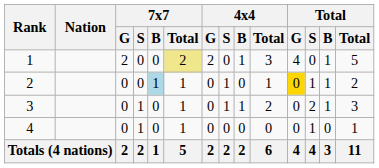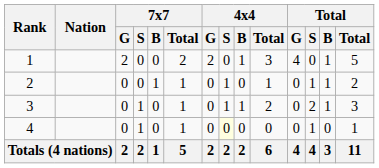 <table class="wikitable sortable" style="text-align:center">
 <tr>
 <th rowspan="2">Rank</th>
 <th rowspan="2">Nation</th>
 <th colspan="4">7x7</th>
 <th colspan="4">4x4</th>
 <th colspan="4">Total</th>
 </tr>
 <tr>
 <th>G</th>
 <th>S</th>
 <th>B</th>
 <th>Total</th>
 <th>G</th>
 <th>S</th>
 <th>B</th>
 <th>Total</th>
 <th>G</th>
 <th>S</th>
 <th>B</th>
 <th>Total</th>
 </tr>
 <tr>
 <td>1</td>
 <td style="text-align:left"></td>
 <td>2</td>
 <td>0</td>
 <td>0</td>
-<td style="background: khaki;">2</td>
+<td>2</td>
 <td>2</td>
 <td>0</td>
 <td>1</td>
 <td>3</td>
 <td>4</td>
 <td>0</td>
 <td>1</td>
 <td>5</td>
 </tr>
 <tr>
 <td>2</td>
 <td style="text-align:left"></td>
 <td>0</td>
 <td>0</td>
-<td style="background: lightblue;">1</td>
+<td>1</td>
 <td>1</td>
 <td>0</td>
 <td>1</td>
 <td>0</td>
 <td>1</td>
-<td style="background: gold;">0</td>
+<td>0</td>
 <td>1</td>
 <td>1</td>
 <td>2</td>
 </tr>
 <tr>
 <td>3</td>
 <td style="text-align:left"></td>
 <td>0</td>
 <td>1</td>
 <td>0</td>
 <td>1</td>
 <td>0</td>
 <td>1</td>
 <td>1</td>
 <td>2</td>
 <td>0</td>
 <td>2</td>
 <td>1</td>
 <td>3</td>
 </tr>
 <tr>
 <td>4</td>
 <td style="text-align:left"></td>
 <td>0</td>
 <td>1</td>
 <td>0</td>
 <td>1</td>
 <td>0</td>
-<td>0</td>
+<td style="background: lightyellow;">0</td>
 <td>0</td>
 <td>0</td>
 <td>0</td>
 <td>1</td>
 <td>0</td>
 <td>1</td>
 </tr>
 <tr>
 <th colspan="2" style="text-align:left">Totals (4 nations)</th>
 <th>2</th>
 <th>2</th>
 <th>1</th>
 <th>5</th>
 <th>2</th>
 <th>2</th>
 <th>2</th>
 <th>6</th>
 <th>4</th>
 <th>4</th>
 <th>3</th>
 <th>11</th>
 </tr>
 </table>
